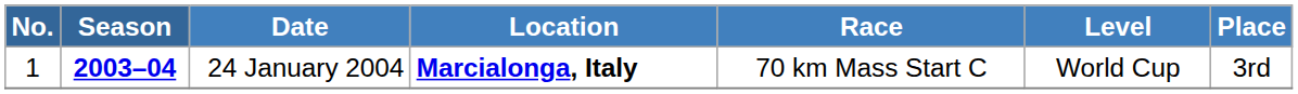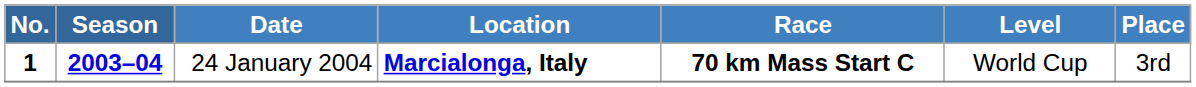 <table class="wikitable sortable" style="font-size:95%; text-align:center; border:grey solid 1px; border-collapse:collapse; background:#ffffff;">
 <tr style="background:#efefef;">
 <th style="background-color:#369; color:white;">No.</th>
 <th style="background-color:#369; color:white;">Season</th>
 <th style="background-color:#4180be; color:white; width:120px;">Date</th>
 <th style="background-color:#4180be; color:white; width:170px;">Location</th>
 <th style="background-color:#4180be; color:white; width:170px;">Race</th>
 <th style="background-color:#4180be; color:white; width:100px;">Level</th>
 <th style="background-color:#4180be; color:white;">Place</th>
 </tr>
 <tr>
-<td align=center>1</td>
+<td align=center><strong>1</strong></td>
 <td rowspan=1 align=center><strong> <a href='#'>2003–04</a> </strong></td>
 <td align=right>24 January 2004</td>
 <td align=left><strong> <a href='#'>Marcialonga</a>, Italy</strong></td>
-<td>70 km Mass Start C</td>
+<td><strong>70 km Mass Start C</strong></td>
 <td>World Cup</td>
 <td>3rd</td>
 </tr>
 <tr>
 </tr>
 </table>
